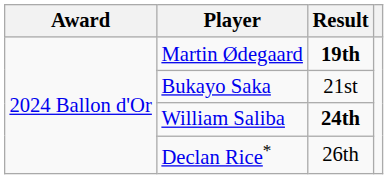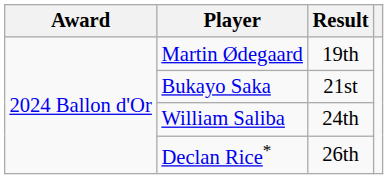 <table class="wikitable" style="text-align:center;">
 <tr>
 <th>Award</th>
 <th>Player</th>
 <th>Result</th>
 <th></th>
 </tr>
 <tr>
 <td rowspan="4"><a href='#'>2024 Ballon d'Or</a></td>
 <td style="text-align:left;"> <a href='#'>Martin Ødegaard</a></td>
-<td><strong>19th</strong></td>
+<td>19th</td>
 <td rowspan="4"></td>
 </tr>
 <tr>
 <td style="text-align:left;"> <a href='#'>Bukayo Saka</a></td>
 <td>21st</td>
 </tr>
 <tr>
 <td style="text-align:left;"> <a href='#'>William Saliba</a></td>
-<td><strong>24th</strong></td>
+<td>24th</td>
 </tr>
 <tr>
 <td style="text-align:left;"> <a href='#'>Declan Rice</a><sup>*</sup></td>
 <td>26th</td>
 </tr>
 </table>
